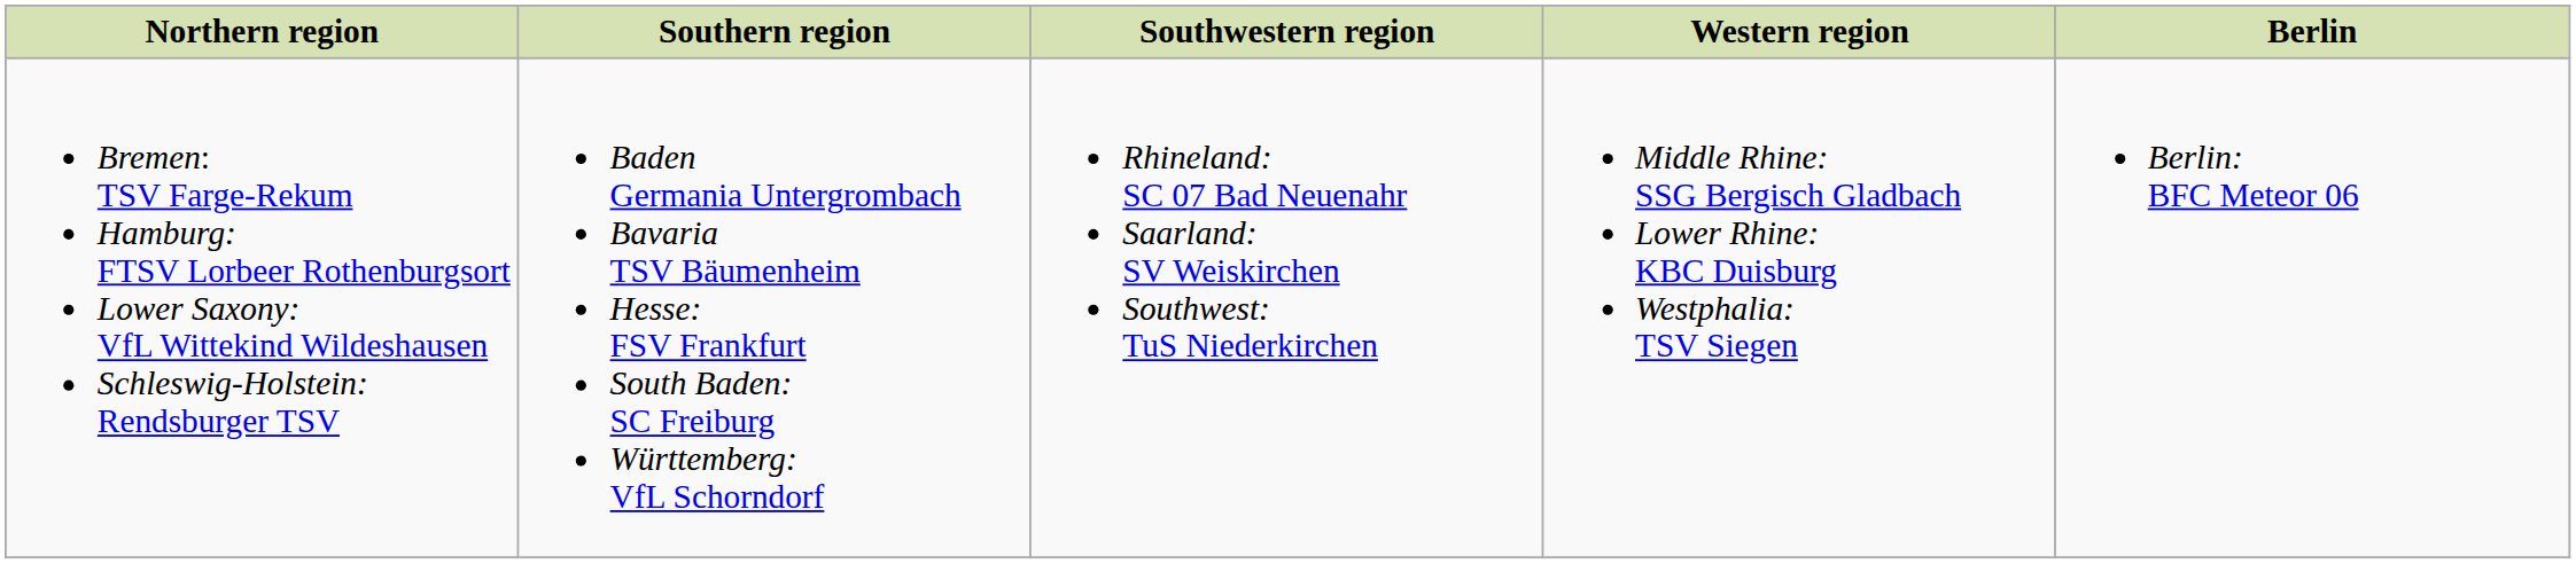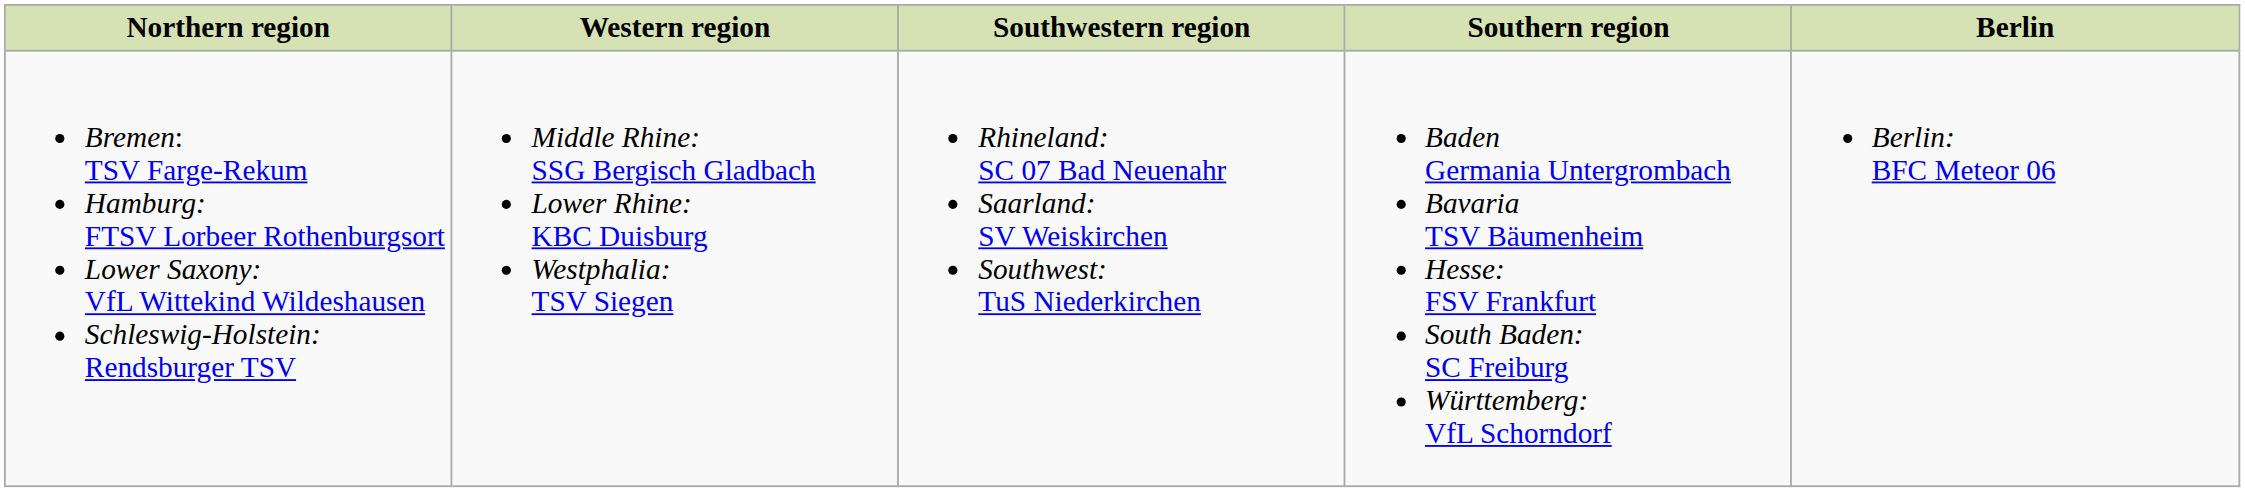 <table class="wikitable">
 <tr valign="top" style="background-color: #d6e2b3;">
 <td style="width: 20%; text-align:center;"><strong>Northern region</strong></td>
+<td style="width: 20%; text-align:center;"><strong>Western region</strong></td>
+<td style="width: 20%; text-align:center;"><strong>Southwestern region</strong></td>
 <td style="width: 20%; text-align:center;"><strong>Southern region</strong></td>
-<td style="width: 20%; text-align:center;"><strong>Southwestern region</strong></td>
-<td style="width: 20%; text-align:center;"><strong>Western region</strong></td>
 <td style="width: 20%; text-align:center;"><strong>Berlin</strong></td>
 </tr>
 <tr valign="top">
 <td><br><ul><li><em>Bremen</em>:<br><a href='#'>TSV Farge-Rekum</a></li><li><em>Hamburg:</em><br><a href='#'>FTSV Lorbeer Rothenburgsort</a></li><li><em>Lower Saxony:</em><br><a href='#'>VfL Wittekind Wildeshausen</a></li><li><em>Schleswig-Holstein:</em><br><a href='#'>Rendsburger TSV</a></li></ul></td>
+<td><br><ul><li><em>Middle Rhine:</em><br><a href='#'>SSG Bergisch Gladbach</a></li><li><em>Lower Rhine:</em><br><a href='#'>KBC Duisburg</a></li><li><em>Westphalia:</em><br><a href='#'>TSV Siegen</a></li></ul></td>
+<td><br><ul><li><em>Rhineland:</em><br><a href='#'>SC 07 Bad Neuenahr</a></li><li><em>Saarland:</em> <br><a href='#'>SV Weiskirchen</a></li><li><em>Southwest:</em><br><a href='#'>TuS Niederkirchen</a></li></ul></td>
 <td><br><ul><li><em>Baden</em><br><a href='#'>Germania Untergrombach</a></li><li><em>Bavaria</em><br><a href='#'>TSV Bäumenheim</a></li><li><em>Hesse:</em><br><a href='#'>FSV Frankfurt</a></li><li><em>South Baden:</em><br><a href='#'>SC Freiburg</a></li><li><em>Württemberg:</em><br><a href='#'>VfL Schorndorf</a></li></ul></td>
-<td><br><ul><li><em>Rhineland:</em><br><a href='#'>SC 07 Bad Neuenahr</a></li><li><em>Saarland:</em> <br><a href='#'>SV Weiskirchen</a></li><li><em>Southwest:</em><br><a href='#'>TuS Niederkirchen</a></li></ul></td>
-<td><br><ul><li><em>Middle Rhine:</em><br><a href='#'>SSG Bergisch Gladbach</a></li><li><em>Lower Rhine:</em><br><a href='#'>KBC Duisburg</a></li><li><em>Westphalia:</em><br><a href='#'>TSV Siegen</a></li></ul></td>
 <td><br><ul><li><em>Berlin:</em><br><a href='#'>BFC Meteor 06</a></li></ul></td>
 </tr>
 </table>
